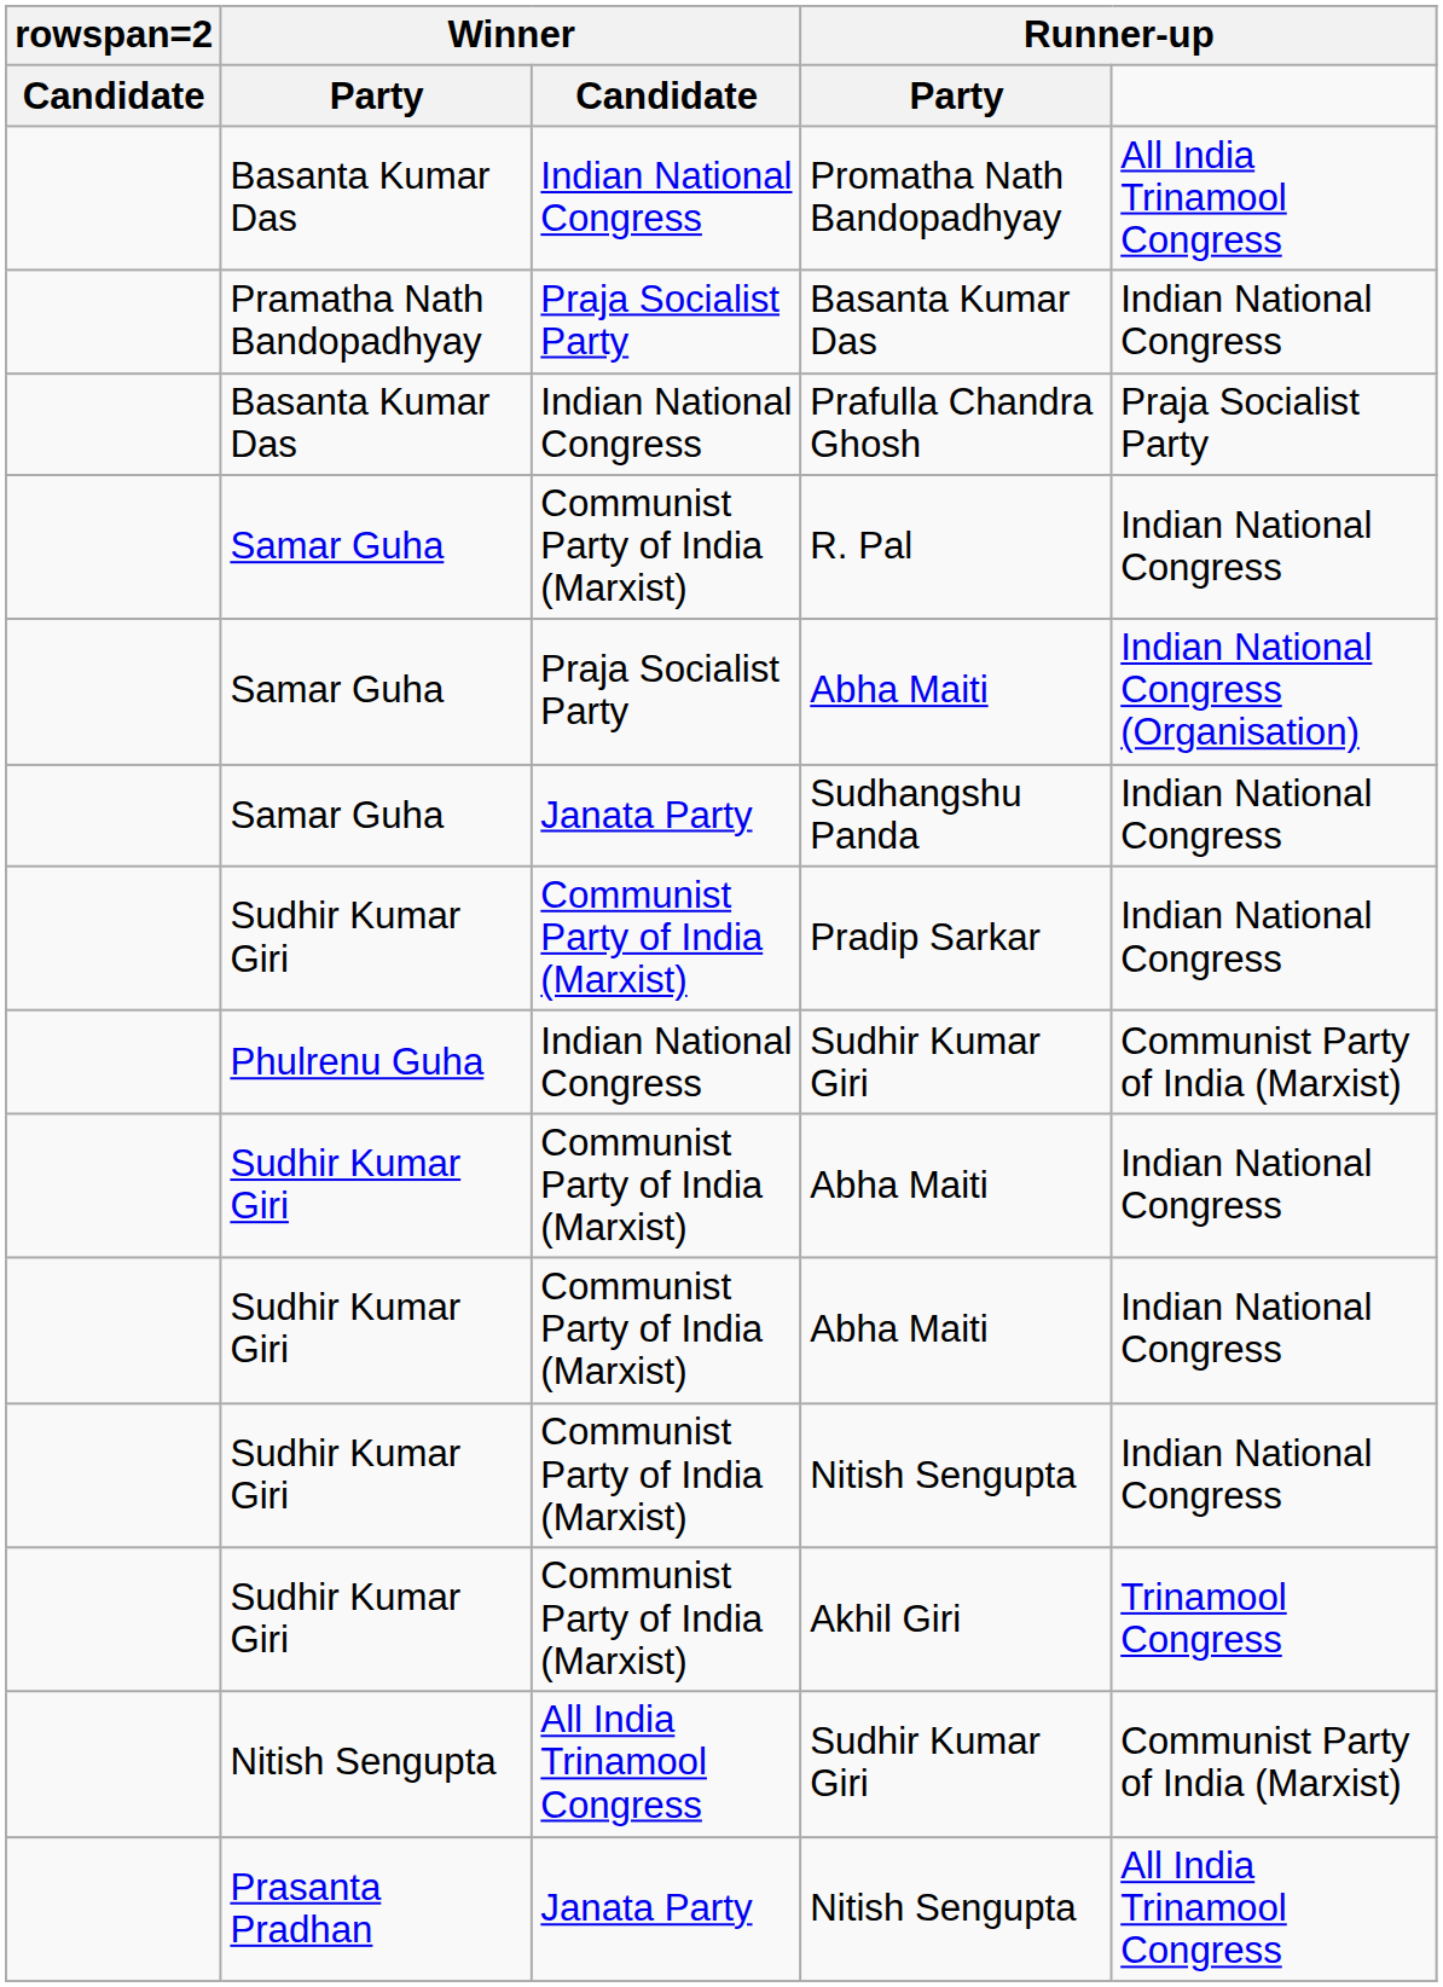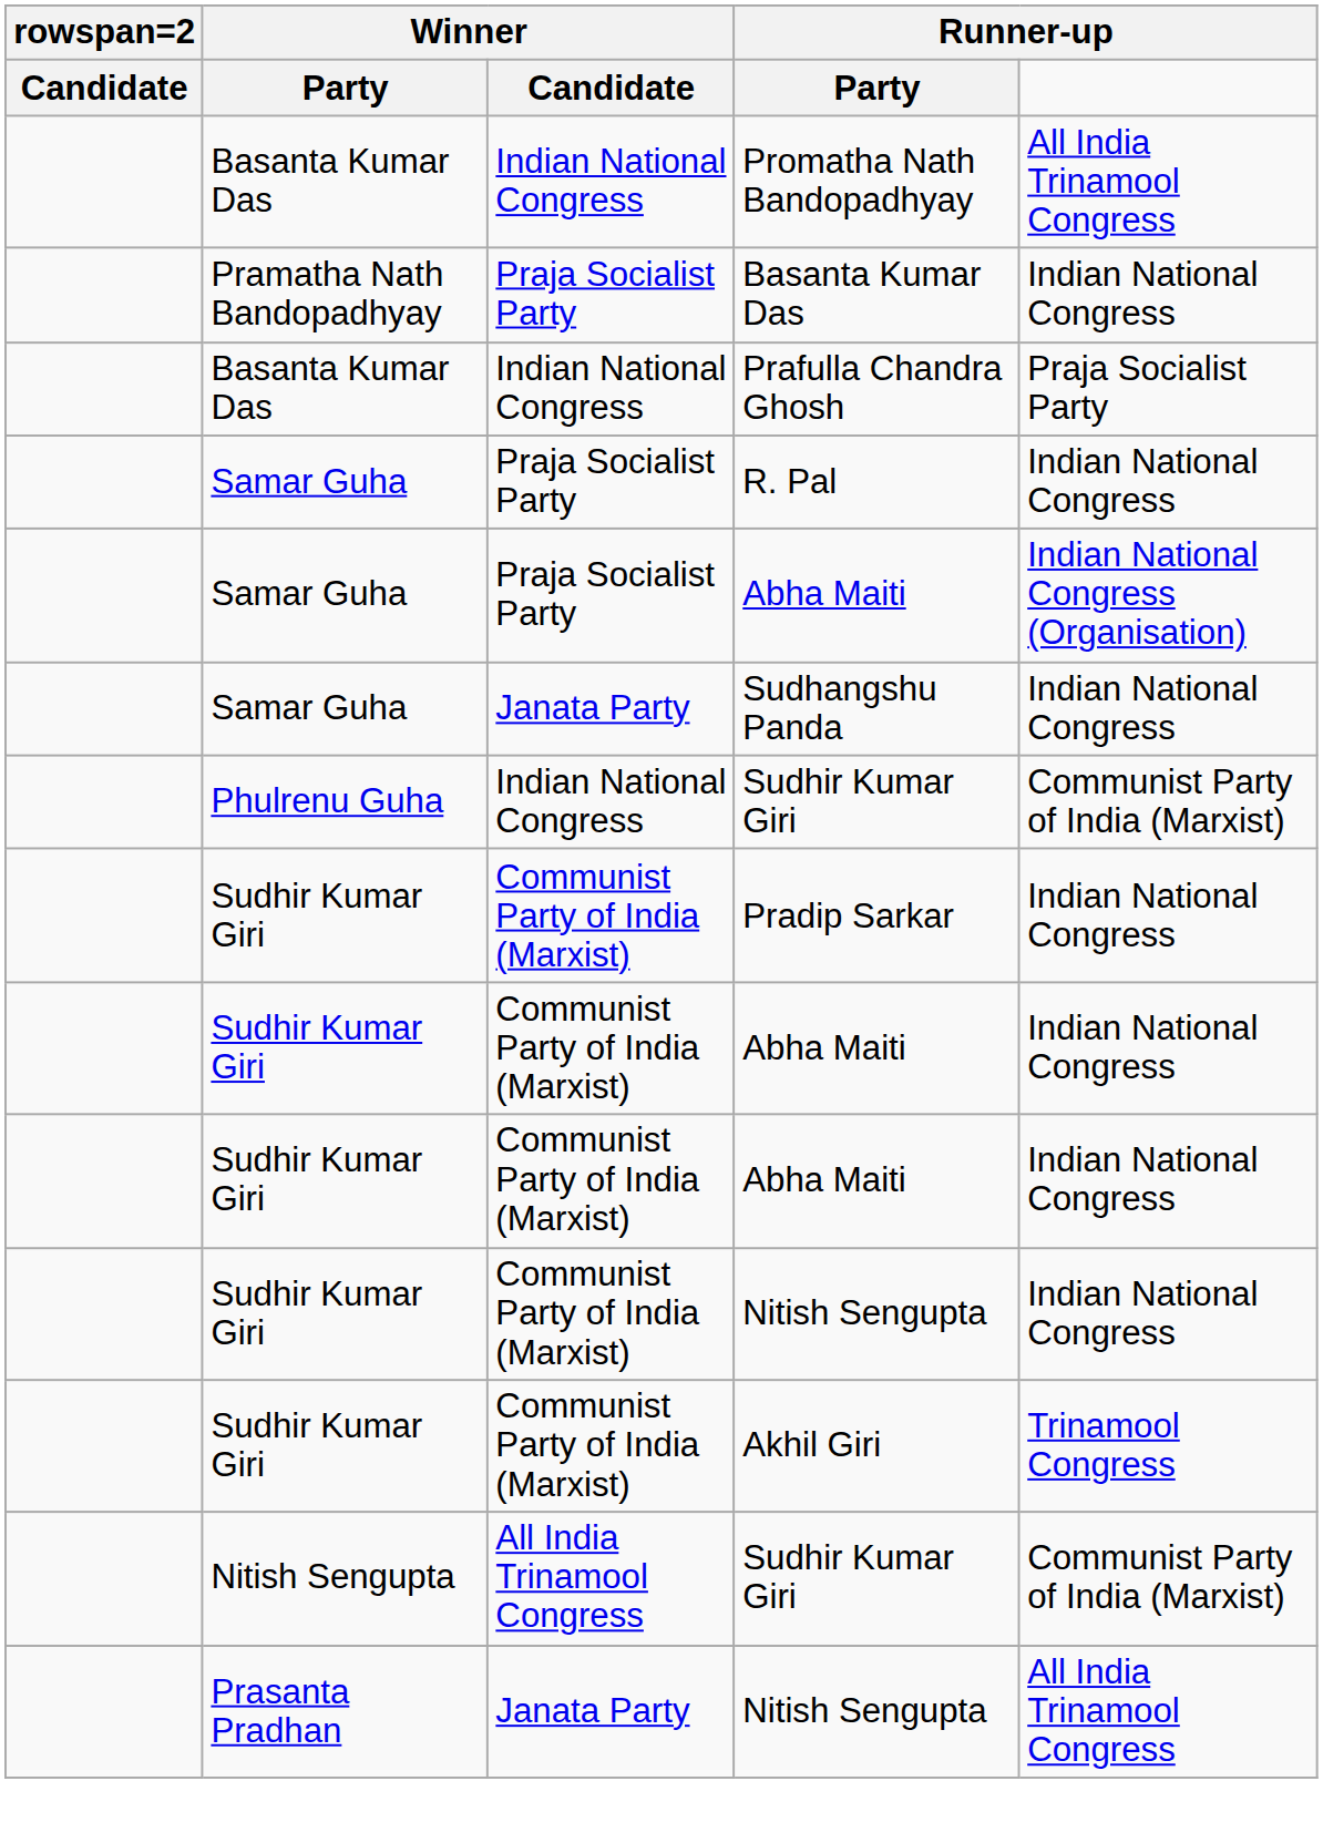 <table class="wikitable sortable">
 <tr>
 <th>rowspan=2 </th>
 <th colspan=2>Winner</th>
 <th colspan=2>Runner-up</th>
 </tr>
 <tr>
 <th>Candidate</th>
 <th>Party</th>
 <th>Candidate</th>
 <th>Party</th>
 </tr>
 <tr>
 <td></td>
 <td>Basanta Kumar Das</td>
 <td><a href='#'>Indian National Congress</a></td>
 <td>Promatha Nath Bandopadhyay</td>
 <td><a href='#'>All India Trinamool Congress</a></td>
 </tr>
 <tr>
 <td></td>
 <td>Pramatha Nath Bandopadhyay</td>
 <td><a href='#'>Praja Socialist Party</a></td>
 <td>Basanta Kumar Das</td>
 <td>Indian National Congress</td>
 </tr>
 <tr>
 <td></td>
 <td>Basanta Kumar Das</td>
 <td>Indian National Congress</td>
 <td>Prafulla Chandra Ghosh</td>
 <td>Praja Socialist Party</td>
 </tr>
 <tr>
 <td></td>
 <td><a href='#'>Samar Guha</a></td>
-<td>Communist Party of India (Marxist)</td>
+<td>Praja Socialist Party</td>
 <td>R. Pal</td>
 <td>Indian National Congress</td>
 </tr>
 <tr>
 <td></td>
 <td>Samar Guha</td>
 <td>Praja Socialist Party</td>
 <td><a href='#'>Abha Maiti</a></td>
 <td><a href='#'>Indian National Congress (Organisation)</a></td>
 </tr>
 <tr>
 <td></td>
 <td>Samar Guha</td>
 <td><a href='#'>Janata Party </a></td>
 <td>Sudhangshu Panda</td>
 <td>Indian National Congress</td>
 </tr>
 <tr>
 <td></td>
+<td><a href='#'>Phulrenu Guha</a></td>
+<td>Indian National Congress</td>
+<td>Sudhir Kumar Giri</td>
+<td>Communist Party of India (Marxist)</td>
+</tr>
+<tr>
+<td></td>
 <td>Sudhir Kumar Giri</td>
 <td><a href='#'>Communist Party of India (Marxist)</a></td>
 <td>Pradip Sarkar</td>
 <td>Indian National Congress</td>
-</tr>
-<tr>
-<td></td>
-<td><a href='#'>Phulrenu Guha</a></td>
-<td>Indian National Congress</td>
-<td>Sudhir Kumar Giri</td>
-<td>Communist Party of India (Marxist)</td>
 </tr>
 <tr>
 <td></td>
 <td><a href='#'>Sudhir Kumar Giri</a></td>
 <td>Communist Party of India (Marxist)</td>
 <td>Abha Maiti</td>
 <td>Indian National Congress</td>
 </tr>
 <tr>
 <td></td>
 <td>Sudhir Kumar Giri</td>
 <td>Communist Party of India (Marxist)</td>
 <td>Abha Maiti</td>
 <td>Indian National Congress</td>
 </tr>
 <tr>
 <td></td>
 <td>Sudhir Kumar Giri</td>
 <td>Communist Party of India (Marxist)</td>
 <td>Nitish Sengupta</td>
 <td>Indian National Congress</td>
 </tr>
 <tr>
 <td></td>
 <td>Sudhir Kumar Giri</td>
 <td>Communist Party of India (Marxist)</td>
 <td>Akhil Giri</td>
 <td><a href='#'>Trinamool Congress</a></td>
 </tr>
 <tr>
 <td></td>
 <td>Nitish Sengupta</td>
 <td><a href='#'>All India Trinamool Congress</a></td>
 <td>Sudhir Kumar Giri</td>
 <td>Communist Party of India (Marxist)</td>
 </tr>
 <tr>
 <td></td>
 <td><a href='#'>Prasanta Pradhan</a></td>
 <td><a href='#'>Janata Party </a></td>
 <td>Nitish Sengupta</td>
 <td><a href='#'>All India Trinamool Congress</a></td>
 </tr>
 </table>
